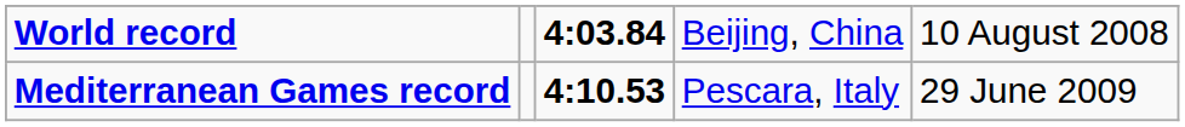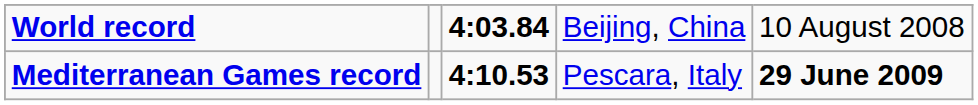 <table class="wikitable">
 <tr>
 <td><strong><a href='#'>World record</a></strong></td>
 <td></td>
 <td><strong>4:03.84</strong></td>
 <td><a href='#'>Beijing</a>, <a href='#'>China</a></td>
 <td>10 August 2008</td>
 </tr>
 <tr>
 <td><strong><a href='#'>Mediterranean Games record</a></strong></td>
 <td></td>
 <td><strong>4:10.53</strong></td>
 <td><a href='#'>Pescara</a>, <a href='#'>Italy</a></td>
-<td>29 June 2009</td>
+<td><strong>29 June 2009</strong></td>
 </tr>
 </table>
